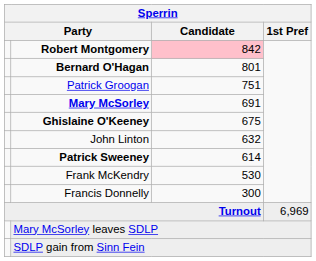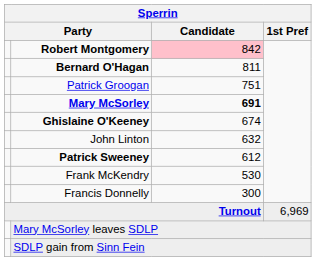 <table class="wikitable">
 <tr>
 <th colspan="4" align="center"><a href='#'>Sperrin</a></th>
 </tr>
 <tr>
 <th colspan="2" align="center" width=200>Party</th>
 <th width=150>Candidate</th>
 <th width=60>1st Pref</th>
 </tr>
 <tr>
 <td></td>
 <td align="right"><strong>Robert Montgomery</strong></td>
 <td align="right" style="background: pink;">842</td>
 </tr>
 <tr>
 <td></td>
 <td align="right"><strong>Bernard O'Hagan</strong></td>
-<td align="right">801</td>
+<td align="right">811</td>
 </tr>
 <tr>
 <td></td>
 <td align="right"><a href='#'>Patrick Groogan</a></td>
 <td align="right">751</td>
 </tr>
 <tr>
 <td></td>
 <td align="right"><strong><a href='#'>Mary McSorley</a></strong></td>
-<td align="right">691</td>
+<td align="right"><strong>691</strong></td>
 </tr>
 <tr>
 <td></td>
 <td align="right"><strong>Ghislaine O'Keeney</strong></td>
-<td align="right">675</td>
+<td align="right">674</td>
 </tr>
 <tr>
 <td></td>
 <td align="right">John Linton</td>
 <td align="right">632</td>
 </tr>
 <tr>
 <td></td>
 <td align="right"><strong>Patrick Sweeney</strong></td>
-<td align="right">614</td>
+<td align="right">612</td>
 </tr>
 <tr>
 <td></td>
 <td align="right">Frank McKendry</td>
 <td align="right">530</td>
 </tr>
 <tr>
 <td></td>
 <td align="right">Francis Donnelly</td>
 <td align="right">300</td>
 </tr>
 <tr bgcolor="EEEEEE">
 <td colspan=3 align="right"><strong><a href='#'>Turnout</a></strong></td>
 <td align="right">6,969</td>
 </tr>
 <tr>
 <td style="color:inherit;background:"></td>
 <td colspan=3 bgcolor="EEEEEE"><a href='#'>Mary McSorley</a> leaves <a href='#'>SDLP</a></td>
 </tr>
 <tr>
 <td style="color:inherit;background:"></td>
 <td colspan=3 bgcolor="EEEEEE"><a href='#'>SDLP</a> gain from <a href='#'>Sinn Fein</a></td>
 </tr>
 </table>
